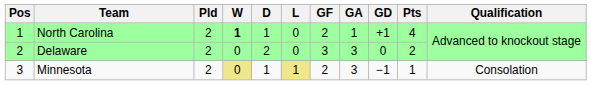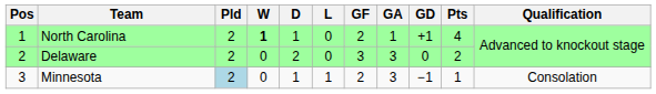 <table class="wikitable" style="text-align:center; margin: 1em auto">
 <tr>
 <th style=width:2em>Pos</th>
 <th style=width:13em>Team</th>
 <th style=width:2em>Pld</th>
 <th style=width:2em>W</th>
 <th style=width:2em>D</th>
 <th style=width:2em>L</th>
 <th style=width:2em>GF</th>
 <th style=width:2em>GA</th>
 <th style=width:2em>GD</th>
 <th style=width:2em>Pts</th>
 <th style=width:13em>Qualification</th>
 </tr>
 <tr bgcolor="#9eff9e">
 <td>1</td>
 <td style="text-align:left">North Carolina</td>
 <td>2</td>
 <td><strong>1</strong></td>
 <td>1</td>
 <td>0</td>
 <td>2</td>
 <td>1</td>
 <td>+1</td>
 <td>4</td>
 <td rowspan="2">Advanced to knockout stage</td>
 </tr>
 <tr bgcolor="#9eff9e">
 <td>2</td>
 <td style="text-align:left">Delaware</td>
 <td>2</td>
 <td>0</td>
 <td>2</td>
 <td>0</td>
 <td>3</td>
 <td>3</td>
 <td>0</td>
 <td>2</td>
 </tr>
 <tr>
 <td>3</td>
 <td style="text-align:left">Minnesota</td>
-<td>2</td>
-<td style="background: khaki;">0</td>
+<td style="background: lightblue;">2</td>
+<td>0</td>
 <td>1</td>
-<td style="background: khaki;">1</td>
+<td>1</td>
 <td>2</td>
 <td>3</td>
 <td>−1</td>
 <td>1</td>
 <td>Consolation</td>
 </tr>
 </table>
